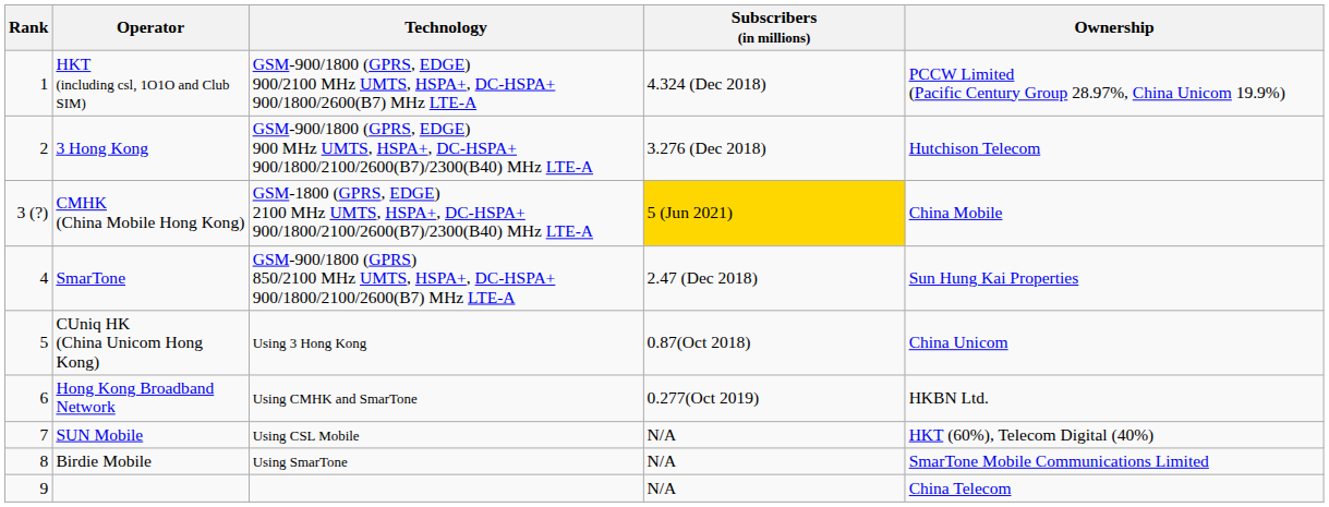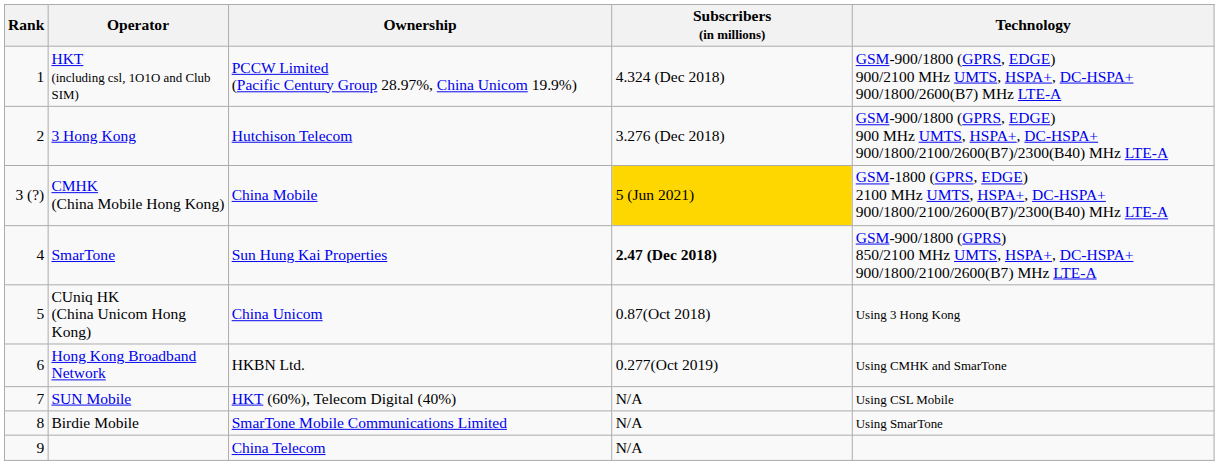 <table class="wikitable">
 <tr>
 <th style="width:3%;">Rank</th>
 <th style="width:15%;">Operator</th>
+<th style="width:32%;">Ownership</th>
+<th style="width:20%;">Subscribers<br><small>(in millions)</small></th>
 <th style="width:30%;">Technology</th>
-<th style="width:20%;">Subscribers<br><small>(in millions)</small></th>
-<th style="width:32%;">Ownership</th>
 </tr>
 <tr>
 <td style="text-align:right;">1</td>
 <td><a href='#'>HKT</a><br><small>(including csl, 1O1O and Club SIM)</small></td>
+<td><a href='#'>PCCW Limited</a><br>(<a href='#'>Pacific Century Group</a> 28.97%, <a href='#'>China Unicom</a> 19.9%)</td>
+<td>4.324 (Dec 2018)</td>
 <td><a href='#'>GSM</a>-900/1800 (<a href='#'>GPRS</a>, <a href='#'>EDGE</a>)<br>900/2100 MHz <a href='#'>UMTS</a>, <a href='#'>HSPA+</a>, <a href='#'>DC-HSPA+</a> 900/1800/2600(B7) MHz <a href='#'>LTE-A</a></td>
-<td>4.324 (Dec 2018)</td>
-<td><a href='#'>PCCW Limited</a><br>(<a href='#'>Pacific Century Group</a> 28.97%, <a href='#'>China Unicom</a> 19.9%)</td>
 </tr>
 <tr>
 <td style="text-align:right;">2</td>
 <td><a href='#'>3 Hong Kong</a></td>
+<td><a href='#'>Hutchison Telecom</a></td>
+<td>3.276 (Dec 2018)</td>
 <td><a href='#'>GSM</a>-900/1800 (<a href='#'>GPRS</a>, <a href='#'>EDGE</a>)<br>900 MHz <a href='#'>UMTS</a>, <a href='#'>HSPA+</a>, <a href='#'>DC-HSPA+</a> 900/1800/2100/2600(B7)/2300(B40) MHz <a href='#'>LTE-A</a></td>
-<td>3.276 (Dec 2018)</td>
-<td><a href='#'>Hutchison Telecom</a></td>
 </tr>
 <tr>
 <td style="text-align:right;">3 (?)</td>
 <td><a href='#'>CMHK</a><br>(China Mobile Hong Kong)</td>
+<td><a href='#'>China Mobile</a></td>
+<td style="background: gold;">5 (Jun 2021)</td>
 <td><a href='#'>GSM</a>-1800 (<a href='#'>GPRS</a>, <a href='#'>EDGE</a>)<br>2100 MHz <a href='#'>UMTS</a>, <a href='#'>HSPA+</a>, <a href='#'>DC-HSPA+</a> 900/1800/2100/2600(B7)/2300(B40) MHz <a href='#'>LTE-A</a></td>
-<td style="background: gold;">5 (Jun 2021)</td>
-<td><a href='#'>China Mobile</a></td>
 </tr>
 <tr>
 <td style="text-align:right;">4</td>
 <td><a href='#'>SmarTone</a></td>
+<td><a href='#'>Sun Hung Kai Properties</a></td>
+<td><strong>2.47 (Dec 2018)</strong></td>
 <td><a href='#'>GSM</a>-900/1800 (<a href='#'>GPRS</a>)<br>850/2100 MHz <a href='#'>UMTS</a>, <a href='#'>HSPA+</a>, <a href='#'>DC-HSPA+</a> 900/1800/2100/2600(B7) MHz <a href='#'>LTE-A</a></td>
-<td>2.47 (Dec 2018)</td>
-<td><a href='#'>Sun Hung Kai Properties</a></td>
 </tr>
 <tr>
 <td align="right">5</td>
 <td>CUniq HK<br>(China Unicom Hong Kong)</td>
+<td><a href='#'>China Unicom</a></td>
+<td>0.87(Oct 2018)</td>
 <td><small>Using 3 Hong Kong</small></td>
-<td>0.87(Oct 2018)</td>
-<td><a href='#'>China Unicom</a></td>
 </tr>
 <tr>
 <td align="right">6</td>
 <td><a href='#'>Hong Kong Broadband Network</a></td>
+<td>HKBN Ltd.</td>
+<td>0.277(Oct 2019)</td>
 <td><small>Using CMHK and SmarTone</small></td>
-<td>0.277(Oct 2019)</td>
-<td>HKBN Ltd.</td>
 </tr>
 <tr>
 <td align="right">7</td>
 <td><a href='#'>SUN Mobile</a></td>
+<td><a href='#'>HKT</a> (60%), Telecom Digital (40%)</td>
+<td>N/A</td>
 <td><small>Using CSL Mobile</small></td>
-<td>N/A</td>
-<td><a href='#'>HKT</a> (60%), Telecom Digital (40%)</td>
 </tr>
 <tr>
 <td align="right">8</td>
 <td>Birdie Mobile</td>
+<td><a href='#'>SmarTone Mobile Communications Limited</a></td>
+<td>N/A</td>
 <td><small>Using SmarTone</small></td>
-<td>N/A</td>
-<td><a href='#'>SmarTone Mobile Communications Limited</a></td>
 </tr>
 <tr>
 <td align="right">9</td>
 <td> </td>
+<td><a href='#'>China Telecom</a></td>
+<td>N/A</td>
 <td></td>
-<td>N/A</td>
-<td><a href='#'>China Telecom</a></td>
 </tr>
 </table>
